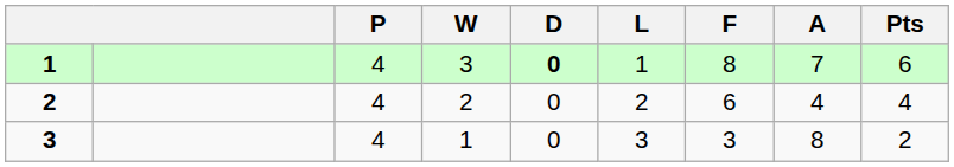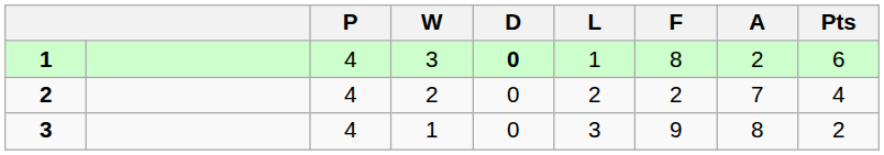 <table class="wikitable">
 <tr>
 <th colspan="2"></th>
 <th rowspan="1">P</th>
 <th rowspan="1">W</th>
 <th colspan="1">D</th>
 <th colspan="1">L</th>
 <th colspan="1">F</th>
 <th colspan="1">A</th>
 <th colspan="1">Pts</th>
 </tr>
 <tr style="background:#ccffcc;">
 <td align=center width="50"><strong>1</strong></td>
 <td width="150"><strong></strong></td>
 <td align=center width="50">4</td>
 <td align=center width="50">3</td>
 <td align=center width="50"><strong>0</strong></td>
 <td align=center width="50">1</td>
 <td align=center width="50">8</td>
-<td align=center width="50">7</td>
+<td align=center width="50">2</td>
 <td align=center width="50">6</td>
 </tr>
 <tr>
 <td align=center><strong>2</strong></td>
 <td></td>
 <td align=center>4</td>
 <td align=center>2</td>
 <td align=center>0</td>
 <td align=center>2</td>
-<td align=center>6</td>
-<td align=center>4</td>
+<td align=center>2</td>
+<td align=center>7</td>
 <td align=center>4</td>
 </tr>
 <tr>
 <td align=center><strong>3</strong></td>
 <td></td>
 <td align=center>4</td>
 <td align=center>1</td>
 <td align=center>0</td>
 <td align=center>3</td>
-<td align=center>3</td>
+<td align=center>9</td>
 <td align=center>8</td>
 <td align=center>2</td>
 </tr>
 </table>
